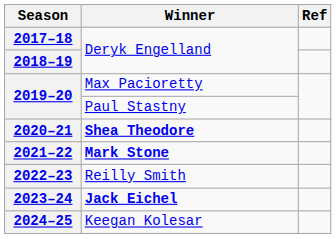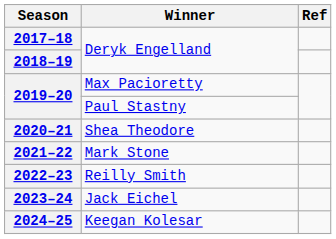 <table class="wikitable">
 <tr>
 <th scope="col" style="width:5em">Season</th>
 <th scope="col" style="width:15em">Winner</th>
 <th scope="col">Ref</th>
 </tr>
 <tr>
 <th scope="row"><a href='#'>2017–18</a></th>
 <td rowspan="2"><a href='#'>Deryk Engelland</a></td>
 <td></td>
 </tr>
 <tr>
 <th scope="row"><a href='#'>2018–19</a></th>
 <td></td>
 </tr>
 <tr>
 <th scope="row" rowspan="2"><a href='#'>2019–20</a></th>
 <td><a href='#'>Max Pacioretty</a></td>
 <td rowspan="2"></td>
 </tr>
 <tr>
 <td><a href='#'>Paul Stastny</a></td>
 </tr>
 <tr>
 <th scope="row"><a href='#'>2020–21</a></th>
-<td><strong><a href='#'>Shea Theodore</a></strong></td>
+<td><a href='#'>Shea Theodore</a></td>
 <td></td>
 </tr>
 <tr>
 <th scope="row"><a href='#'>2021–22</a></th>
-<td><strong><a href='#'>Mark Stone</a></strong></td>
+<td><a href='#'>Mark Stone</a></td>
 <td></td>
 </tr>
 <tr>
 <th scope="row"><a href='#'>2022–23</a></th>
 <td><a href='#'>Reilly Smith</a></td>
 <td></td>
 </tr>
 <tr>
 <th scope="row"><a href='#'>2023–24</a></th>
-<td><strong><a href='#'>Jack Eichel</a></strong></td>
+<td><a href='#'>Jack Eichel</a></td>
 <td></td>
 </tr>
 <tr>
 <th scope="row"><a href='#'>2024–25</a></th>
 <td rowspan="2"><a href='#'>Keegan Kolesar</a></td>
 <td></td>
 </tr>
 </table>
